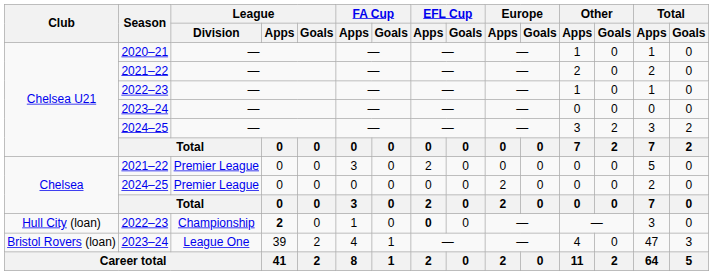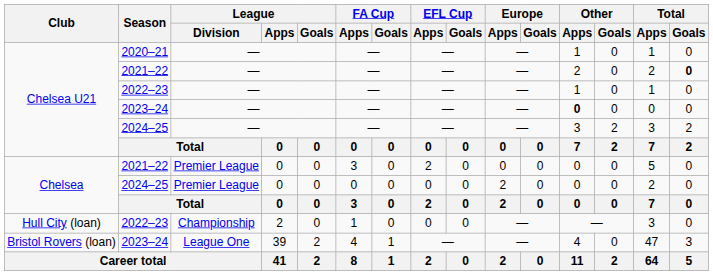 <table class=wikitable style=text-align:center>
 <tr>
 <th rowspan=2>Club</th>
 <th rowspan=2>Season</th>
 <th colspan=3>League</th>
 <th colspan=2><a href='#'>FA Cup</a></th>
 <th colspan=2><a href='#'>EFL Cup</a></th>
 <th colspan=2>Europe</th>
 <th colspan=2>Other</th>
 <th colspan=2>Total</th>
 </tr>
 <tr>
 <th>Division</th>
 <th>Apps</th>
 <th>Goals</th>
 <th>Apps</th>
 <th>Goals</th>
 <th>Apps</th>
 <th>Goals</th>
 <th>Apps</th>
 <th>Goals</th>
 <th>Apps</th>
 <th>Goals</th>
 <th>Apps</th>
 <th>Goals</th>
 </tr>
 <tr>
 <td rowspan="6"><a href='#'>Chelsea U21</a></td>
 <td><a href='#'>2020–21</a></td>
 <td colspan=3>—</td>
 <td colspan=2>—</td>
 <td colspan=2>—</td>
 <td colspan=2>—</td>
 <td>1</td>
 <td>0</td>
 <td>1</td>
 <td>0</td>
 </tr>
 <tr>
 <td><a href='#'>2021–22</a></td>
 <td colspan=3>—</td>
 <td colspan=2>—</td>
 <td colspan=2>—</td>
 <td colspan=2>—</td>
 <td>2</td>
 <td>0</td>
 <td>2</td>
-<td>0</td>
+<td><strong>0</strong></td>
 </tr>
 <tr>
 <td><a href='#'>2022–23</a></td>
 <td colspan=3>—</td>
 <td colspan=2>—</td>
 <td colspan=2>—</td>
 <td colspan=2>—</td>
 <td>1</td>
 <td>0</td>
 <td>1</td>
 <td>0</td>
 </tr>
 <tr>
 <td><a href='#'>2023–24</a></td>
 <td colspan=3>—</td>
 <td colspan=2>—</td>
 <td colspan=2>—</td>
 <td colspan=2>—</td>
-<td>0</td>
+<td><strong>0</strong></td>
 <td>0</td>
 <td>0</td>
 <td>0</td>
 </tr>
 <tr>
 <td><a href='#'>2024–25</a></td>
 <td colspan=3>—</td>
 <td colspan=2>—</td>
 <td colspan=2>—</td>
 <td colspan=2>—</td>
 <td>3</td>
 <td>2</td>
 <td>3</td>
 <td>2</td>
 </tr>
 <tr>
 <th colspan=2>Total</th>
 <th>0</th>
 <th>0</th>
 <th>0</th>
 <th>0</th>
 <th>0</th>
 <th>0</th>
 <th>0</th>
 <th>0</th>
 <th>7</th>
 <th>2</th>
 <th>7</th>
 <th>2</th>
 </tr>
 <tr>
 <td rowspan="3"><a href='#'>Chelsea</a></td>
 <td><a href='#'>2021–22</a></td>
 <td><a href='#'>Premier League</a></td>
 <td>0</td>
 <td>0</td>
 <td>3</td>
 <td>0</td>
 <td>2</td>
 <td>0</td>
 <td>0</td>
 <td>0</td>
 <td>0</td>
 <td>0</td>
 <td>5</td>
 <td>0</td>
 </tr>
 <tr>
 <td><a href='#'>2024–25</a></td>
 <td><a href='#'>Premier League</a></td>
 <td>0</td>
 <td>0</td>
 <td>0</td>
 <td>0</td>
 <td>0</td>
 <td>0</td>
 <td>2</td>
 <td>0</td>
 <td>0</td>
 <td>0</td>
 <td>2</td>
 <td>0</td>
 </tr>
 <tr>
 <th colspan=2>Total</th>
 <th>0</th>
 <th>0</th>
 <th>3</th>
 <th>0</th>
 <th>2</th>
 <th>0</th>
 <th>2</th>
 <th>0</th>
 <th>0</th>
 <th>0</th>
 <th>7</th>
 <th>0</th>
 </tr>
 <tr>
 <td><a href='#'>Hull City</a> (loan)</td>
 <td><a href='#'>2022–23</a></td>
 <td><a href='#'>Championship</a></td>
-<td><strong>2</strong></td>
+<td>2</td>
 <td>0</td>
 <td>1</td>
 <td>0</td>
-<td><strong>0</strong></td>
+<td>0</td>
 <td>0</td>
 <td colspan=2>—</td>
 <td colspan=2>—</td>
 <td>3</td>
 <td>0</td>
 </tr>
 <tr>
 <td><a href='#'>Bristol Rovers</a> (loan)</td>
 <td><a href='#'>2023–24</a></td>
 <td><a href='#'>League One</a></td>
 <td>39</td>
 <td>2</td>
 <td>4</td>
 <td>1</td>
 <td colspan=2>—</td>
 <td colspan=2>—</td>
 <td>4</td>
 <td>0</td>
 <td>47</td>
 <td>3</td>
 </tr>
 <tr>
 <th colspan=3>Career total</th>
 <th>41</th>
 <th>2</th>
 <th>8</th>
 <th>1</th>
 <th>2</th>
 <th>0</th>
 <th>2</th>
 <th>0</th>
 <th>11</th>
 <th>2</th>
 <th>64</th>
 <th>5</th>
 </tr>
 </table>
